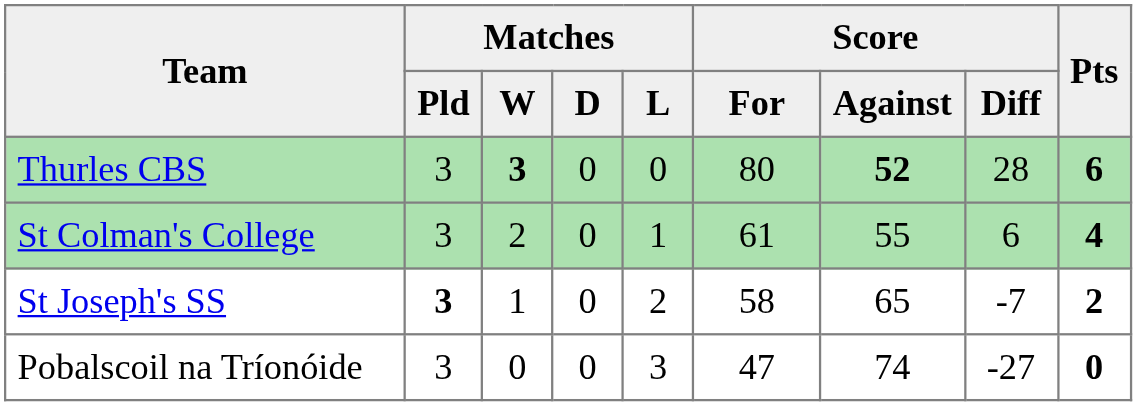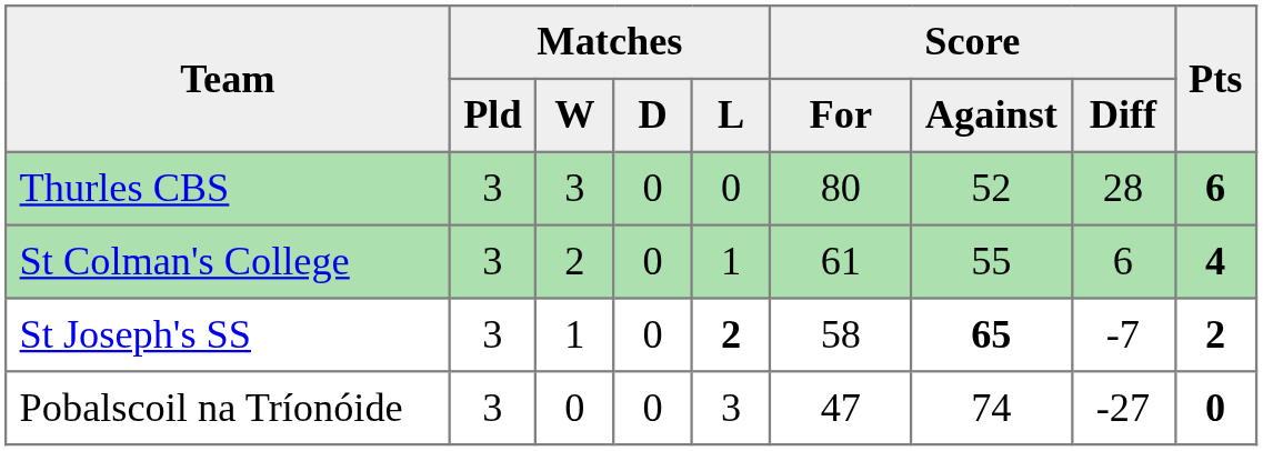 <table style=border-collapse:collapse border=1 cellspacing=0 cellpadding=5>
 <tr align=center bgcolor=#efefef>
 <th rowspan=2 width=165>Team</th>
 <th colspan=4>Matches</th>
 <th colspan=3>Score</th>
 <th rowspan=2width=20>Pts</th>
 </tr>
 <tr align=center bgcolor=#efefef>
 <th width=20>Pld</th>
 <th width=20>W</th>
 <th width=20>D</th>
 <th width=20>L</th>
 <th width=45>For</th>
 <th width=45>Against</th>
 <th width=30>Diff</th>
 </tr>
 <tr align=center style="background:#ACE1AF;">
 <td style="text-align:left;"><a href='#'>Thurles CBS</a></td>
 <td>3</td>
-<td><strong>3</strong></td>
+<td>3</td>
 <td>0</td>
 <td>0</td>
 <td>80</td>
-<td><strong>52</strong></td>
+<td>52</td>
 <td>28</td>
 <td><strong>6</strong></td>
 </tr>
 <tr align=center style="background:#ACE1AF;">
 <td style="text-align:left;"><a href='#'>St Colman's College</a></td>
 <td>3</td>
 <td>2</td>
 <td>0</td>
 <td>1</td>
 <td>61</td>
 <td>55</td>
 <td>6</td>
 <td><strong>4</strong></td>
 </tr>
 <tr align=center>
 <td style="text-align:left;"><a href='#'>St Joseph's SS</a></td>
-<td><strong>3</strong></td>
+<td>3</td>
 <td>1</td>
 <td>0</td>
-<td>2</td>
+<td><strong>2</strong></td>
 <td>58</td>
-<td>65</td>
+<td><strong>65</strong></td>
 <td>-7</td>
 <td><strong>2</strong></td>
 </tr>
 <tr align=center>
 <td style="text-align:left;">Pobalscoil na Tríonóide</td>
 <td>3</td>
 <td>0</td>
 <td>0</td>
 <td>3</td>
 <td>47</td>
 <td>74</td>
 <td>-27</td>
 <td><strong>0</strong></td>
 </tr>
 </table>
